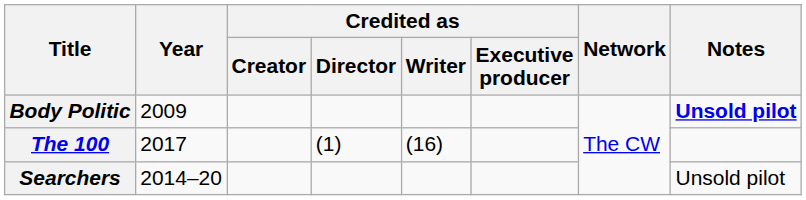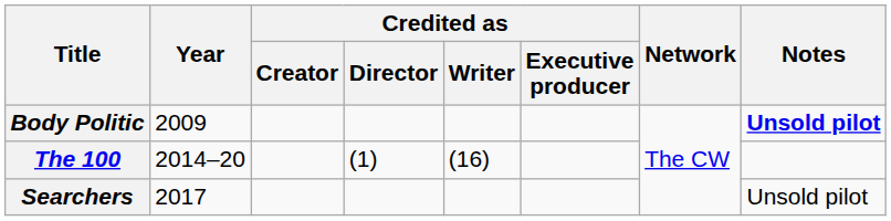 <table class="wikitable plainrowheaders sortable">
 <tr>
 <th rowspan="2" scope="col">Title</th>
 <th rowspan="2" scope="col">Year</th>
 <th colspan="4" scope="col">Credited as</th>
 <th rowspan="2" scope="col">Network</th>
 <th rowspan="2" scope="col" class="unsortable">Notes</th>
 </tr>
 <tr>
 <th>Creator</th>
 <th>Director</th>
 <th>Writer</th>
 <th>Executive<br>producer</th>
 </tr>
 <tr>
 <th scope=row><em>Body Politic</em></th>
 <td>2009</td>
 <td></td>
 <td></td>
 <td></td>
 <td></td>
 <td rowspan="3"><a href='#'>The CW</a></td>
 <td><strong><a href='#'>Unsold pilot</a></strong></td>
 </tr>
 <tr>
 <th scope=row><em><a href='#'>The 100</a></em></th>
-<td>2017</td>
+<td>2014–20</td>
 <td></td>
 <td> (1)</td>
 <td> (16)</td>
 <td></td>
 <td></td>
 </tr>
 <tr>
 <th scope=row><em>Searchers</em></th>
-<td>2014–20</td>
+<td>2017</td>
 <td></td>
 <td></td>
 <td></td>
 <td></td>
 <td>Unsold pilot</td>
 </tr>
 </table>
